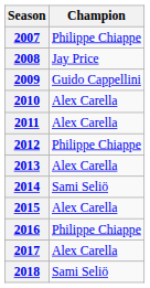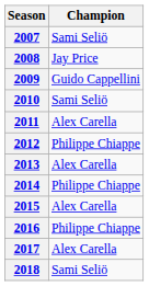 <table class="wikitable" style="font-size: 95%; display:inline-table;">
 <tr>
 <th>Season</th>
 <th>Champion</th>
 </tr>
 <tr>
 <th><a href='#'>2007</a></th>
-<td> <a href='#'>Philippe Chiappe</a></td>
+<td> <a href='#'>Sami Seliö</a></td>
 </tr>
 <tr>
 <th><a href='#'>2008</a></th>
 <td> <a href='#'>Jay Price</a></td>
 </tr>
 <tr>
 <th><a href='#'>2009</a></th>
 <td> <a href='#'>Guido Cappellini</a></td>
 </tr>
 <tr>
 <th><a href='#'>2010</a></th>
-<td> <a href='#'>Alex Carella</a></td>
+<td> <a href='#'>Sami Seliö</a></td>
 </tr>
 <tr>
 <th><a href='#'>2011</a></th>
 <td> <a href='#'>Alex Carella</a></td>
 </tr>
 <tr>
 <th><a href='#'>2012</a></th>
 <td> <a href='#'>Philippe Chiappe</a></td>
 </tr>
 <tr>
 <th><a href='#'>2013</a></th>
 <td> <a href='#'>Alex Carella</a></td>
 </tr>
 <tr>
 <th><a href='#'>2014</a></th>
-<td> <a href='#'>Sami Seliö</a></td>
+<td> <a href='#'>Philippe Chiappe</a></td>
 </tr>
 <tr>
 <th><a href='#'>2015</a></th>
 <td> <a href='#'>Alex Carella</a></td>
 </tr>
 <tr>
 <th><a href='#'>2016</a></th>
 <td> <a href='#'>Philippe Chiappe</a></td>
 </tr>
 <tr>
 <th><a href='#'>2017</a></th>
 <td> <a href='#'>Alex Carella</a></td>
 </tr>
 <tr>
 <th><a href='#'>2018</a></th>
 <td> <a href='#'>Sami Seliö</a></td>
 </tr>
 </table>
